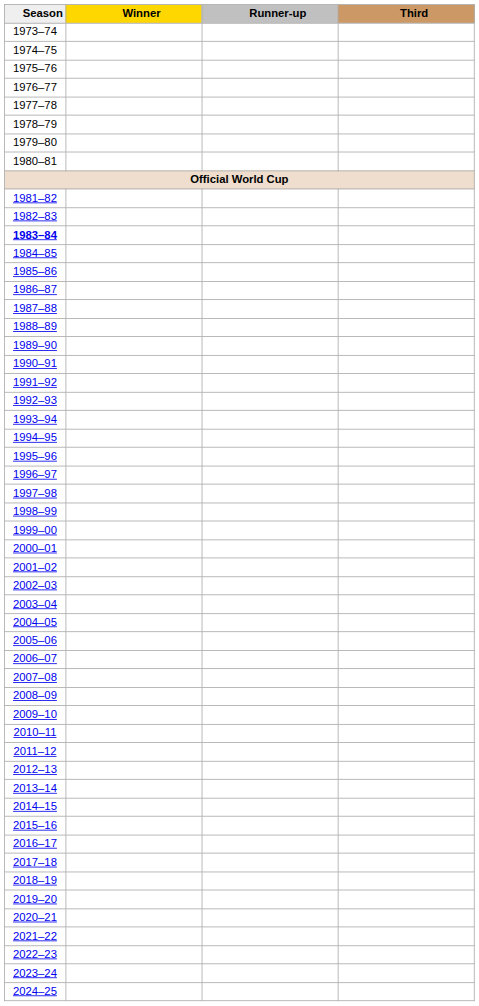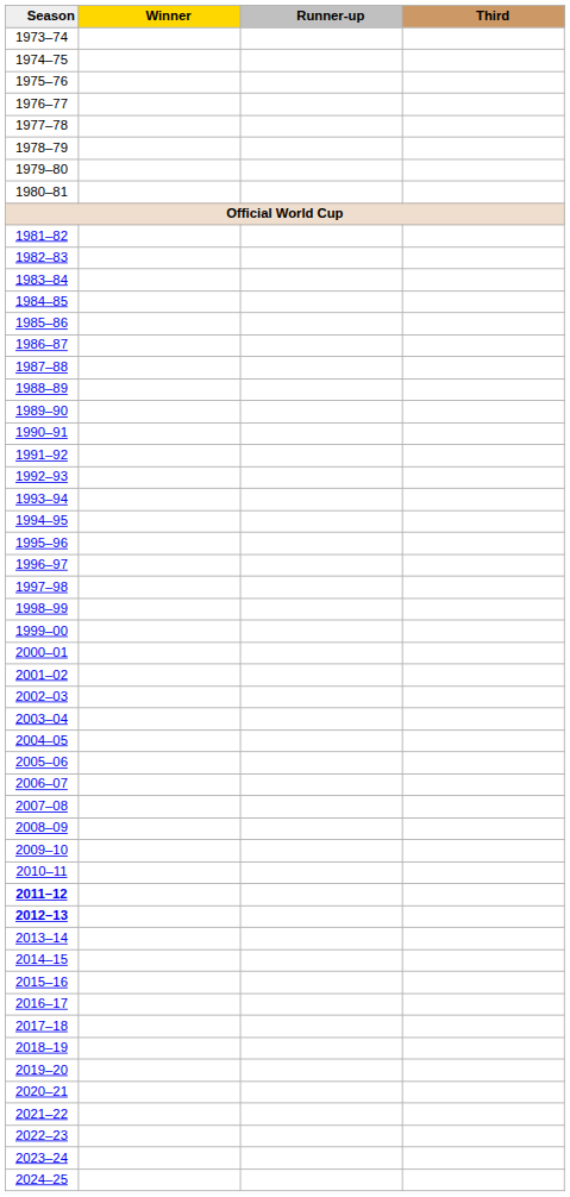 <table class="wikitable sortable" style="background:#fff; font-size:86%; line-height:16px; border:gray solid 1px">
 <tr style="background:#ccc; text-align:center;">
 <th style="width:13%; background:#efefef;">     Season</th>
 <th style="width:29%; background:gold">     Winner</th>
 <th style="width:29%; background:silver">     Runner-up</th>
 <th style="width:29%; background:#c96;">     Third</th>
 </tr>
 <tr>
 <td align=center>1973–74</td>
 <td></td>
 <td></td>
 <td></td>
 </tr>
 <tr>
 <td align=center>1974–75</td>
 <td></td>
 <td></td>
 <td></td>
 </tr>
 <tr>
 <td align=center>1975–76</td>
 <td></td>
 <td></td>
 <td></td>
 </tr>
 <tr>
 <td align=center>1976–77</td>
 <td></td>
 <td></td>
 <td></td>
 </tr>
 <tr>
 <td align=center>1977–78</td>
 <td></td>
 <td></td>
 <td></td>
 </tr>
 <tr>
 <td align=center>1978–79</td>
 <td></td>
 <td></td>
 <td></td>
 </tr>
 <tr>
 <td align=center>1979–80</td>
 <td></td>
 <td></td>
 <td></td>
 </tr>
 <tr>
 <td align=center>1980–81</td>
 <td></td>
 <td></td>
 <td></td>
 </tr>
 <tr>
 <td bgcolor=#EFDECD align=center colspan=4><strong>Official World Cup</strong></td>
 </tr>
 <tr>
 <td align=center><a href='#'>1981–82</a></td>
 <td></td>
 <td></td>
 <td></td>
 </tr>
 <tr>
 <td align=center><a href='#'>1982–83</a></td>
 <td></td>
 <td></td>
 <td></td>
 </tr>
 <tr>
-<td align=center><strong><a href='#'>1983–84</a></strong></td>
+<td align=center><a href='#'>1983–84</a></td>
 <td></td>
 <td></td>
 <td></td>
 </tr>
 <tr>
 <td align=center><a href='#'>1984–85</a></td>
 <td></td>
 <td></td>
 <td></td>
 </tr>
 <tr>
 <td align=center><a href='#'>1985–86</a></td>
 <td></td>
 <td></td>
 <td></td>
 </tr>
 <tr>
 <td align=center><a href='#'>1986–87</a></td>
 <td></td>
 <td></td>
 <td></td>
 </tr>
 <tr>
 <td align=center><a href='#'>1987–88</a></td>
 <td></td>
 <td></td>
 <td></td>
 </tr>
 <tr>
 <td align=center><a href='#'>1988–89</a></td>
 <td></td>
 <td></td>
 <td></td>
 </tr>
 <tr>
 <td align=center><a href='#'>1989–90</a></td>
 <td></td>
 <td></td>
 <td></td>
 </tr>
 <tr>
 <td align=center><a href='#'>1990–91</a></td>
 <td></td>
 <td></td>
 <td></td>
 </tr>
 <tr>
 <td align=center><a href='#'>1991–92</a></td>
 <td></td>
 <td></td>
 <td></td>
 </tr>
 <tr>
 <td align=center><a href='#'>1992–93</a></td>
 <td></td>
 <td></td>
 <td></td>
 </tr>
 <tr>
 <td align=center><a href='#'>1993–94</a></td>
 <td></td>
 <td></td>
 <td></td>
 </tr>
 <tr>
 <td align=center><a href='#'>1994–95</a></td>
 <td></td>
 <td></td>
 <td></td>
 </tr>
 <tr>
 <td align=center><a href='#'>1995–96</a></td>
 <td></td>
 <td></td>
 <td></td>
 </tr>
 <tr>
 <td align=center><a href='#'>1996–97</a></td>
 <td></td>
 <td></td>
 <td></td>
 </tr>
 <tr>
 <td align=center><a href='#'>1997–98</a></td>
 <td></td>
 <td></td>
 <td></td>
 </tr>
 <tr>
 <td align=center><a href='#'>1998–99</a></td>
 <td></td>
 <td></td>
 <td></td>
 </tr>
 <tr>
 <td align=center><a href='#'>1999–00</a></td>
 <td></td>
 <td></td>
 <td></td>
 </tr>
 <tr>
 <td align=center><a href='#'>2000–01</a></td>
 <td></td>
 <td></td>
 <td></td>
 </tr>
 <tr>
 <td align=center><a href='#'>2001–02</a></td>
 <td></td>
 <td></td>
 <td></td>
 </tr>
 <tr>
 <td align=center><a href='#'>2002–03</a></td>
 <td></td>
 <td></td>
 <td></td>
 </tr>
 <tr>
 <td align=center><a href='#'>2003–04</a></td>
 <td></td>
 <td></td>
 <td></td>
 </tr>
 <tr>
 <td align=center><a href='#'>2004–05</a></td>
 <td></td>
 <td></td>
 <td></td>
 </tr>
 <tr>
 <td align=center><a href='#'>2005–06</a></td>
 <td></td>
 <td></td>
 <td></td>
 </tr>
 <tr>
 <td align=center><a href='#'>2006–07</a></td>
 <td></td>
 <td></td>
 <td></td>
 </tr>
 <tr>
 <td align=center><a href='#'>2007–08</a></td>
 <td></td>
 <td></td>
 <td></td>
 </tr>
 <tr>
 <td align=center><a href='#'>2008–09</a></td>
 <td></td>
 <td></td>
 <td></td>
 </tr>
 <tr>
 <td align=center><a href='#'>2009–10</a></td>
 <td></td>
 <td></td>
 <td></td>
 </tr>
 <tr>
 <td align=center><a href='#'>2010–11</a></td>
 <td></td>
 <td></td>
 <td></td>
 </tr>
 <tr>
-<td align=center><a href='#'>2011–12</a></td>
+<td align=center><strong><a href='#'>2011–12</a></strong></td>
 <td></td>
 <td></td>
 <td></td>
 </tr>
 <tr>
-<td align=center><a href='#'>2012–13</a></td>
+<td align=center><strong><a href='#'>2012–13</a></strong></td>
 <td></td>
 <td></td>
 <td></td>
 </tr>
 <tr>
 <td align=center><a href='#'>2013–14</a></td>
 <td></td>
 <td></td>
 <td></td>
 </tr>
 <tr>
 <td align=center><a href='#'>2014–15</a></td>
 <td></td>
 <td></td>
 <td></td>
 </tr>
 <tr>
 <td align=center><a href='#'>2015–16</a></td>
 <td></td>
 <td></td>
 <td></td>
 </tr>
 <tr>
 <td align=center><a href='#'>2016–17</a></td>
 <td></td>
 <td></td>
 <td></td>
 </tr>
 <tr>
 <td align=center><a href='#'>2017–18</a></td>
 <td></td>
 <td></td>
 <td></td>
 </tr>
 <tr>
 <td align=center><a href='#'>2018–19</a></td>
 <td></td>
 <td></td>
 <td></td>
 </tr>
 <tr>
 <td align=center><a href='#'>2019–20</a></td>
 <td></td>
 <td></td>
 <td></td>
 </tr>
 <tr>
 <td align=center><a href='#'>2020–21</a></td>
 <td></td>
 <td></td>
 <td></td>
 </tr>
 <tr>
 <td align=center><a href='#'>2021–22</a></td>
 <td></td>
 <td></td>
 <td></td>
 </tr>
 <tr>
 <td align=center><a href='#'>2022–23</a></td>
 <td></td>
 <td></td>
 <td></td>
 </tr>
 <tr>
 <td align=center><a href='#'>2023–24</a></td>
 <td></td>
 <td></td>
 <td></td>
 </tr>
 <tr>
 <td align=center><a href='#'>2024–25</a></td>
 <td></td>
 <td></td>
 <td></td>
 </tr>
 </table>
